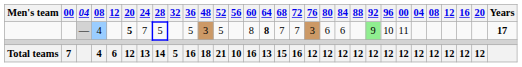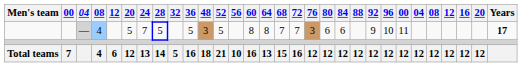 <table class="wikitable" style="text-align: center; font-size: 90%; margin-left: 1em;">
 <tr>
 <th>Men's team</th>
 <th><a href='#'>00</a></th>
 <th><em><a href='#'>04</a></em></th>
 <th><a href='#'>08</a></th>
 <th><a href='#'>12</a></th>
 <th><a href='#'>20</a></th>
 <th><a href='#'>24</a></th>
 <th><a href='#'>28</a></th>
 <th><a href='#'>32</a></th>
 <th><a href='#'>36</a></th>
 <th><a href='#'>48</a></th>
 <th><a href='#'>52</a></th>
 <th><a href='#'>56</a></th>
 <th><a href='#'>60</a></th>
 <th><a href='#'>64</a></th>
 <th><a href='#'>68</a></th>
 <th><a href='#'>72</a></th>
 <th><a href='#'>76</a></th>
 <th><a href='#'>80</a></th>
 <th><a href='#'>84</a></th>
 <th><a href='#'>88</a></th>
 <th><a href='#'>92</a></th>
 <th><a href='#'>96</a></th>
 <th><a href='#'>00</a></th>
 <th><a href='#'>04</a></th>
 <th><a href='#'>08</a></th>
 <th><a href='#'>12</a></th>
 <th><a href='#'>16</a></th>
 <th><a href='#'>20</a></th>
 <th>Years</th>
 </tr>
 <tr>
 <td style="text-align: left;"></td>
 <td></td>
 <td style="background-color: lightgray;">—</td>
 <td style="background-color: #9acdff;">4</td>
 <td></td>
-<td><strong>5</strong></td>
+<td>5</td>
 <td>7</td>
 <td style="border: 2px solid blue;">5</td>
 <td></td>
 <td>5</td>
 <td style="background-color: #cc9966;">3</td>
 <td>5</td>
 <td></td>
 <td>8</td>
-<td><strong>8</strong></td>
+<td>8</td>
 <td>7</td>
 <td>7</td>
 <td style="background-color: #cc9966;">3</td>
 <td>6</td>
 <td>6</td>
 <td></td>
-<td style="background: lightgreen;">9</td>
+<td>9</td>
 <td>10</td>
 <td>11</td>
 <td></td>
 <td></td>
 <td></td>
 <td></td>
 <td></td>
 <td><strong>17</strong></td>
 </tr>
 <tr style="background-color: lightgrey;">
 <td colspan="30"></td>
 </tr>
 <tr>
 <th>Total teams</th>
 <th>7</th>
 <th></th>
 <th>4</th>
 <th>6</th>
 <th>12</th>
 <th>13</th>
 <th>14</th>
 <th>5</th>
 <th>16</th>
 <th>18</th>
 <th>21</th>
 <th>10</th>
 <th>16</th>
 <th>13</th>
 <th>15</th>
 <th>16</th>
 <th>12</th>
 <th>12</th>
 <th>12</th>
 <th>12</th>
 <th>12</th>
 <th>12</th>
 <th>12</th>
 <th>12</th>
 <th>12</th>
 <th>12</th>
 <th>12</th>
 <th>12</th>
 <th></th>
 </tr>
 </table>
